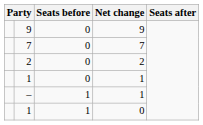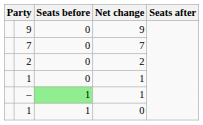 <table class=wikitable style="text-align:right">
 <tr>
 <th colspan="2">Party</th>
 <th>Seats before</th>
 <th>Net change</th>
 <th>Seats after</th>
 </tr>
 <tr>
 <td></td>
 <td>9</td>
 <td> 0</td>
 <td>9</td>
 </tr>
 <tr>
 <td></td>
 <td>7</td>
 <td> 0</td>
 <td>7</td>
 </tr>
 <tr>
 <td></td>
 <td>2</td>
 <td> 0</td>
 <td>2</td>
 </tr>
 <tr>
 <td></td>
 <td>1</td>
 <td> 0</td>
 <td>1</td>
 </tr>
 <tr>
 <td></td>
 <td>–</td>
-<td> 1</td>
+<td style="background: lightgreen;"> 1</td>
 <td>1</td>
 </tr>
 <tr>
 <td></td>
 <td>1</td>
 <td> 1</td>
 <td>0</td>
 </tr>
 </table>
